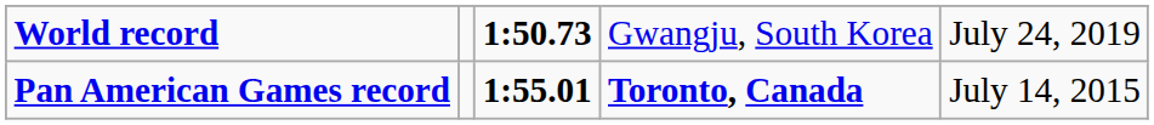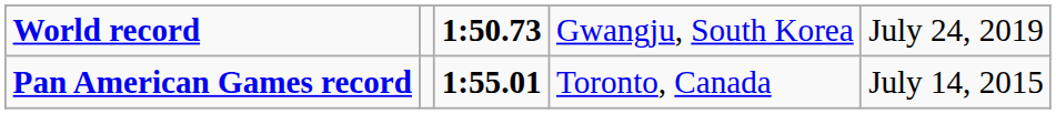 <table class="wikitable">
 <tr>
 <td><strong><a href='#'>World record</a></strong></td>
 <td></td>
 <td><strong>1:50.73 </strong></td>
 <td><a href='#'>Gwangju</a>, <a href='#'>South Korea</a></td>
 <td>July 24, 2019</td>
 </tr>
 <tr>
 <td><strong><a href='#'>Pan American Games record</a></strong></td>
 <td></td>
 <td><strong>1:55.01</strong></td>
-<td><strong><a href='#'>Toronto</a>, <a href='#'>Canada</a></strong></td>
+<td><a href='#'>Toronto</a>, <a href='#'>Canada</a></td>
 <td>July 14, 2015</td>
 </tr>
 </table>
